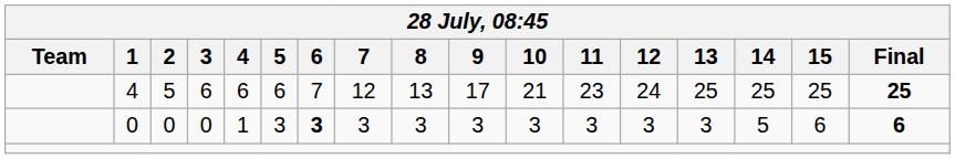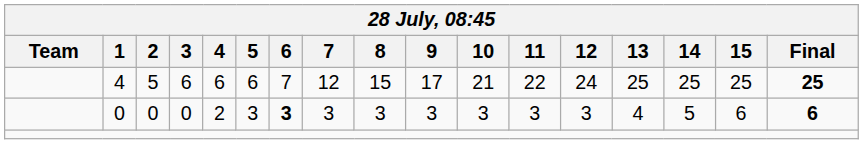 <table class=wikitable style="text-align:center; width: 55%">
 <tr>
 <th colspan=17><em>28 July, 08:45</em></th>
 </tr>
 <tr>
 <th>Team</th>
 <th>1</th>
 <th>2</th>
 <th>3</th>
 <th>4</th>
 <th>5</th>
 <th>6</th>
 <th>7</th>
 <th>8</th>
 <th>9</th>
 <th>10</th>
 <th>11</th>
 <th>12</th>
 <th>13</th>
 <th>14</th>
 <th>15</th>
 <th>Final</th>
 </tr>
 <tr>
 <td align=left><strong></strong></td>
 <td>4</td>
 <td>5</td>
 <td>6</td>
 <td>6</td>
 <td>6</td>
 <td>7</td>
 <td>12</td>
-<td>13</td>
+<td>15</td>
 <td>17</td>
 <td>21</td>
-<td>23</td>
+<td>22</td>
 <td>24</td>
 <td>25</td>
 <td>25</td>
 <td>25</td>
 <td><strong>25</strong></td>
 </tr>
 <tr>
 <td align=left></td>
 <td>0</td>
 <td>0</td>
 <td>0</td>
-<td>1</td>
+<td>2</td>
 <td>3</td>
 <td><strong>3</strong></td>
 <td>3</td>
 <td>3</td>
 <td>3</td>
 <td>3</td>
 <td>3</td>
 <td>3</td>
-<td>3</td>
+<td>4</td>
 <td>5</td>
 <td>6</td>
 <td><strong>6</strong></td>
 </tr>
 <tr>
 <td colspan=17></td>
 </tr>
 </table>
